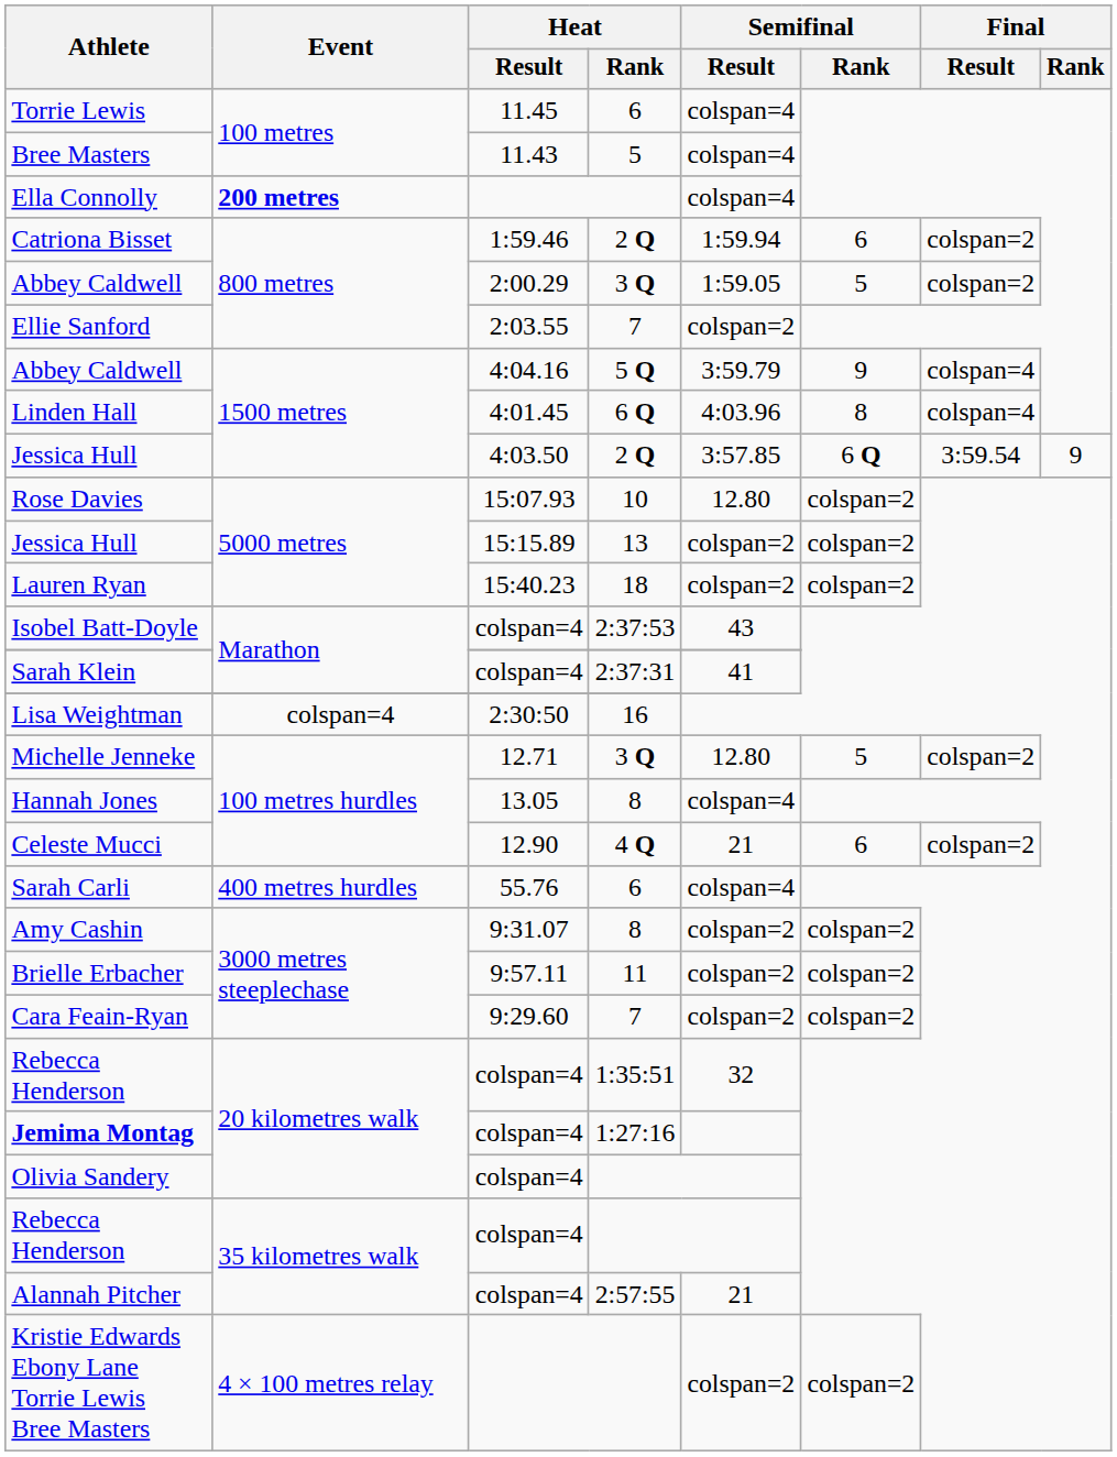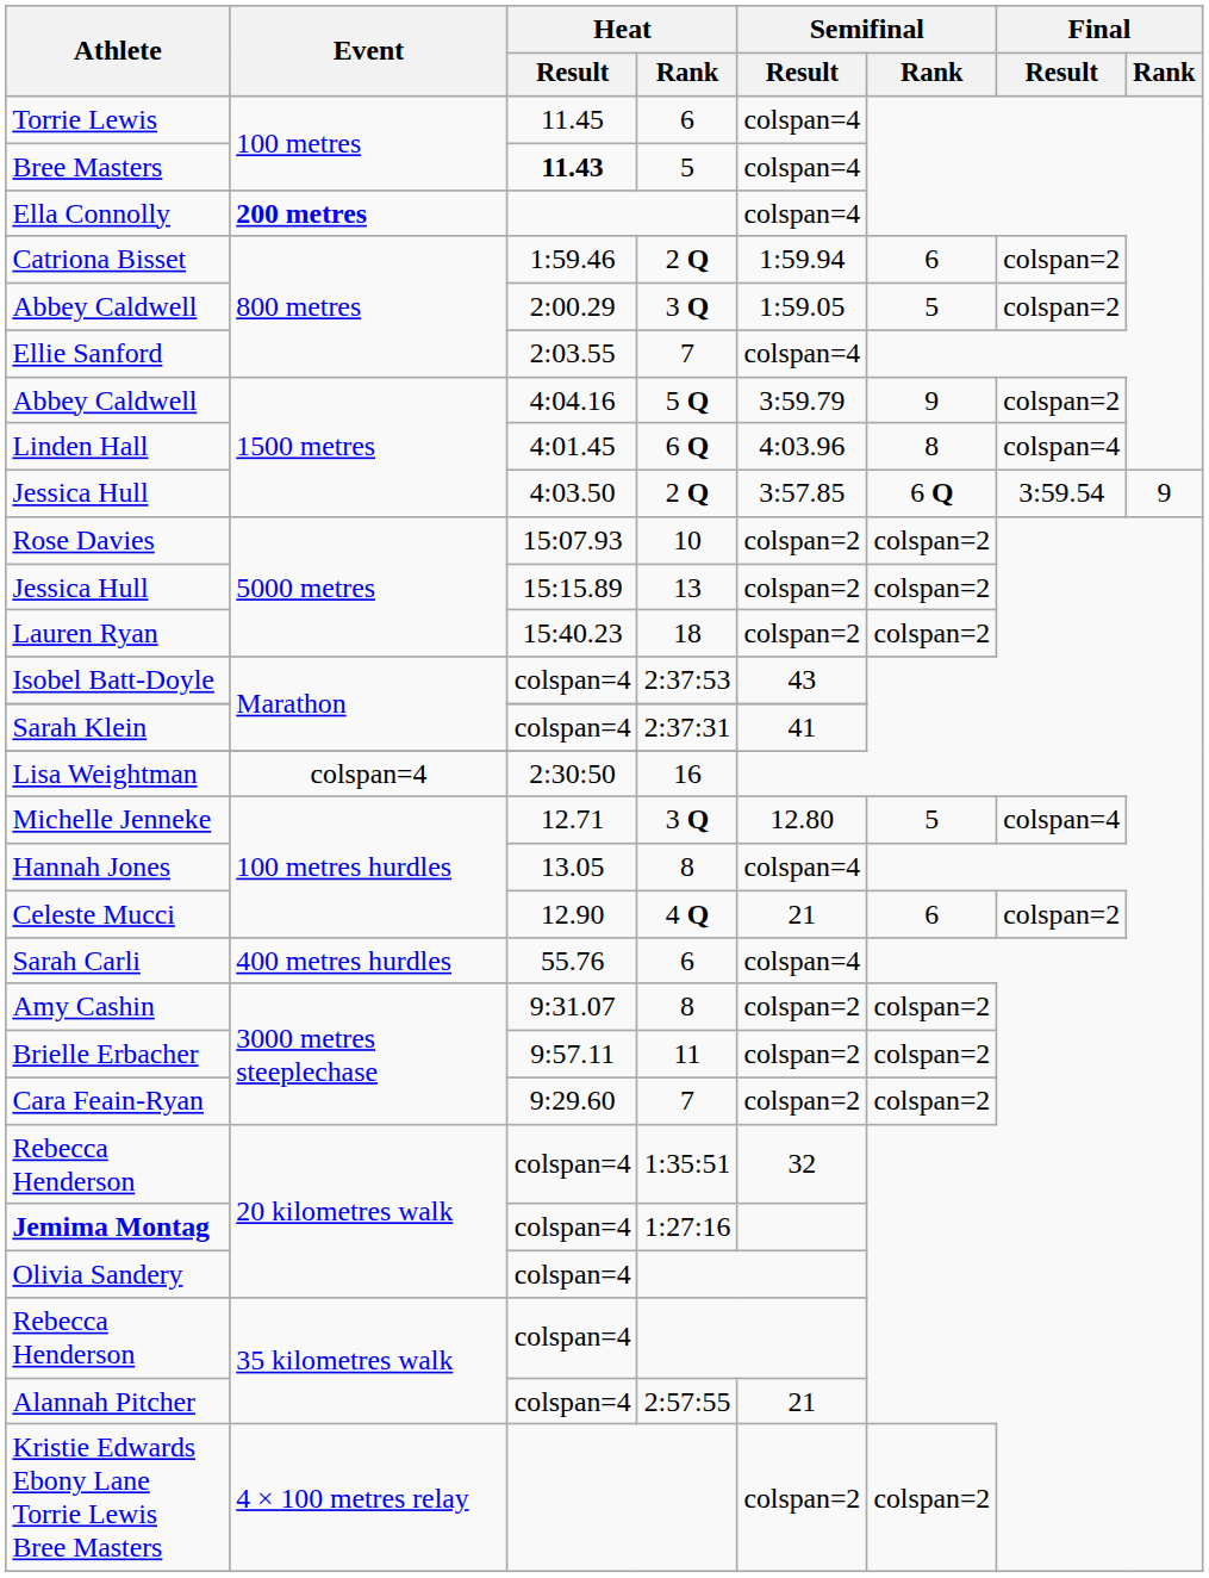 <table class="wikitable" style="font-size:90%">
 <tr>
 <th rowspan="2">Athlete</th>
 <th rowspan="2">Event</th>
 <th colspan="2">Heat</th>
 <th colspan="2">Semifinal</th>
 <th colspan="2">Final</th>
 </tr>
 <tr style="font-size:95%">
 <th>Result</th>
 <th>Rank</th>
 <th>Result</th>
 <th>Rank</th>
 <th>Result</th>
 <th>Rank</th>
 </tr>
 <tr align=center>
 <td align=left><a href='#'>Torrie Lewis</a></td>
 <td align=left rowspan=2><a href='#'>100 metres</a></td>
 <td>11.45</td>
 <td>6</td>
 <td>colspan=4 </td>
 </tr>
 <tr align=center>
 <td align=left><a href='#'>Bree Masters</a></td>
-<td>11.43</td>
+<td><strong>11.43</strong></td>
 <td>5</td>
 <td>colspan=4 </td>
 </tr>
 <tr align=center>
 <td align=left><a href='#'>Ella Connolly</a></td>
 <td align=left><strong><a href='#'>200 metres</a></strong></td>
 <td colspan=2></td>
 <td>colspan=4 </td>
 </tr>
 <tr align=center>
 <td align=left><a href='#'>Catriona Bisset</a></td>
 <td align=left rowspan=3><a href='#'>800 metres</a></td>
 <td>1:59.46</td>
 <td>2 <strong>Q</strong></td>
 <td>1:59.94</td>
 <td>6</td>
 <td>colspan=2 </td>
 </tr>
 <tr align=center>
 <td align=left><a href='#'>Abbey Caldwell</a></td>
 <td>2:00.29</td>
 <td>3 <strong>Q</strong></td>
 <td>1:59.05</td>
 <td>5</td>
 <td>colspan=2 </td>
 </tr>
 <tr align=center>
 <td align=left><a href='#'>Ellie Sanford</a></td>
 <td>2:03.55</td>
 <td>7</td>
-<td>colspan=2</td>
+<td>colspan=4 </td>
 </tr>
 <tr align=center>
 <td align=left><a href='#'>Abbey Caldwell</a></td>
 <td align=left rowspan=3><a href='#'>1500 metres</a></td>
 <td>4:04.16</td>
 <td>5 <strong>Q</strong></td>
 <td>3:59.79 </td>
 <td>9</td>
-<td>colspan=4 </td>
+<td>colspan=2 </td>
 </tr>
 <tr align=center>
 <td align=left><a href='#'>Linden Hall</a></td>
 <td>4:01.45</td>
 <td>6 <strong>Q</strong></td>
 <td>4:03.96</td>
 <td>8</td>
 <td>colspan=4 </td>
 </tr>
 <tr align=center>
 <td align=left><a href='#'>Jessica Hull</a></td>
 <td>4:03.50</td>
 <td>2 <strong>Q</strong></td>
 <td>3:57.85</td>
 <td>6 <strong>Q</strong></td>
 <td>3:59.54</td>
 <td>9</td>
 </tr>
 <tr align=center>
 <td align=left><a href='#'>Rose Davies</a></td>
 <td align=left rowspan=3><a href='#'>5000 metres</a></td>
 <td>15:07.93 </td>
 <td>10</td>
-<td>12.80</td>
+<td>colspan=2</td>
 <td>colspan=2 </td>
 </tr>
 <tr align=center>
 <td align=left><a href='#'>Jessica Hull</a></td>
 <td>15:15.89</td>
 <td>13</td>
 <td>colspan=2</td>
 <td>colspan=2 </td>
 </tr>
 <tr align=center>
 <td align=left><a href='#'>Lauren Ryan</a></td>
 <td>15:40.23</td>
 <td>18</td>
 <td>colspan=2</td>
 <td>colspan=2 </td>
 </tr>
 <tr align=center>
 <td align=left><a href='#'>Isobel Batt-Doyle</a></td>
 <td align=left rowspan=3><a href='#'>Marathon</a></td>
 <td>colspan=4</td>
 <td>2:37:53</td>
 <td>43</td>
 </tr>
 <tr align=center>
 </tr>
 <tr align=center>
 <td align=left><a href='#'>Sarah Klein</a></td>
 <td>colspan=4</td>
 <td>2:37:31</td>
 <td>41</td>
 </tr>
 <tr align=center>
 </tr>
 <tr align=center>
 <td align=left><a href='#'>Lisa Weightman</a></td>
 <td>colspan=4</td>
 <td>2:30:50</td>
 <td>16</td>
 </tr>
 <tr align=center>
 <td align=left><a href='#'>Michelle Jenneke</a></td>
 <td align=left rowspan=3><a href='#'>100 metres hurdles</a></td>
 <td>12.71</td>
 <td>3 <strong>Q</strong></td>
 <td>12.80</td>
 <td>5</td>
-<td>colspan=2 </td>
+<td>colspan=4 </td>
 </tr>
 <tr align=center>
 <td align=left><a href='#'>Hannah Jones</a></td>
 <td>13.05</td>
 <td>8</td>
 <td>colspan=4 </td>
 </tr>
 <tr align=center>
 <td align=left><a href='#'>Celeste Mucci</a></td>
 <td>12.90</td>
 <td>4 <strong>Q</strong></td>
 <td>21</td>
 <td>6</td>
 <td>colspan=2 </td>
 </tr>
 <tr align=center>
 <td align=left><a href='#'>Sarah Carli</a></td>
 <td align=left><a href='#'>400 metres hurdles</a></td>
 <td>55.76</td>
 <td>6</td>
 <td>colspan=4 </td>
 </tr>
 <tr align=center>
 <td align=left><a href='#'>Amy Cashin</a></td>
 <td align=left rowspan=3><a href='#'>3000 metres steeplechase</a></td>
 <td>9:31.07 </td>
 <td>8</td>
 <td>colspan=2</td>
 <td>colspan=2 </td>
 </tr>
 <tr align=center>
 <td align=left><a href='#'>Brielle Erbacher</a></td>
 <td>9:57.11</td>
 <td>11</td>
 <td>colspan=2</td>
 <td>colspan=2 </td>
 </tr>
 <tr align=center>
 <td align=left><a href='#'>Cara Feain-Ryan</a></td>
 <td>9:29.60 </td>
 <td>7</td>
 <td>colspan=2</td>
 <td>colspan=2 </td>
 </tr>
 <tr align=center>
 <td align=left><a href='#'>Rebecca Henderson</a></td>
 <td align=left rowspan=3><a href='#'>20 kilometres walk</a></td>
 <td>colspan=4</td>
 <td>1:35:51</td>
 <td>32</td>
 </tr>
 <tr align=center>
 <td align=left><strong><a href='#'>Jemima Montag</a></strong></td>
 <td>colspan=4</td>
 <td>1:27:16 <strong></strong></td>
 <td></td>
 </tr>
 <tr align=center>
 <td align=left><a href='#'>Olivia Sandery</a></td>
 <td>colspan=4</td>
 <td colspan=2></td>
 </tr>
 <tr align=center>
 <td align=left><a href='#'>Rebecca Henderson</a></td>
 <td align=left rowspan=2><a href='#'>35 kilometres walk</a></td>
 <td>colspan=4</td>
 <td colspan=2></td>
 </tr>
 <tr align=center>
 <td align=left><a href='#'>Alannah Pitcher</a></td>
 <td>colspan=4</td>
 <td>2:57:55</td>
 <td>21</td>
 </tr>
 <tr align=center>
 <td align=left><a href='#'>Kristie Edwards</a><br><a href='#'>Ebony Lane</a><br><a href='#'>Torrie Lewis</a><br><a href='#'>Bree Masters</a></td>
 <td align=left><a href='#'>4 × 100 metres relay</a></td>
 <td colspan=2></td>
 <td>colspan=2</td>
 <td>colspan=2 </td>
 </tr>
 </table>
